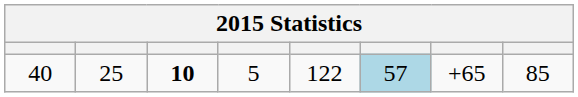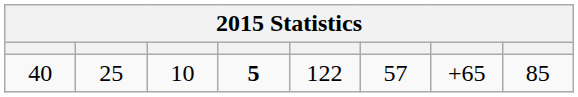 <table class="wikitable" style="text-align: center;">
 <tr>
 <th colspan=10><strong>2015 Statistics</strong></th>
 </tr>
 <tr>
 <th style="width: 40px;"></th>
 <th style="width: 40px;"></th>
 <th style="width: 40px;"></th>
 <th style="width: 40px;"></th>
 <th style="width: 40px;"></th>
 <th style="width: 40px;"></th>
 <th style="width: 40px;"></th>
 <th style="width: 40px;"></th>
 </tr>
 <tr>
 <td>40</td>
 <td>25</td>
-<td><strong>10</strong></td>
-<td>5</td>
+<td>10</td>
+<td><strong>5</strong></td>
 <td>122</td>
-<td style="background: lightblue;">57</td>
+<td>57</td>
 <td>+65</td>
 <td>85</td>
 </tr>
 </table>
